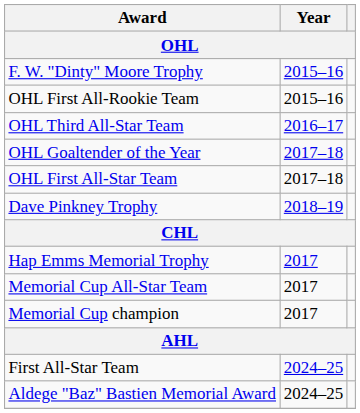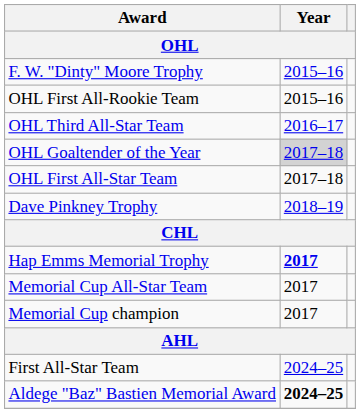 <table class="wikitable">
 <tr>
 <th>Award</th>
 <th>Year</th>
 <th></th>
 </tr>
 <tr>
 <th colspan="3"><a href='#'>OHL</a></th>
 </tr>
 <tr>
 <td><a href='#'>F. W. "Dinty" Moore Trophy</a></td>
 <td><a href='#'>2015–16</a></td>
 <td></td>
 </tr>
 <tr>
 <td>OHL First All-Rookie Team</td>
 <td>2015–16</td>
 <td></td>
 </tr>
 <tr>
 <td><a href='#'>OHL Third All-Star Team</a></td>
 <td><a href='#'>2016–17</a></td>
 <td></td>
 </tr>
 <tr>
 <td><a href='#'>OHL Goaltender of the Year</a></td>
-<td><a href='#'>2017–18</a></td>
+<td style="background: lightgrey;"><a href='#'>2017–18</a></td>
 <td></td>
 </tr>
 <tr>
 <td><a href='#'>OHL First All-Star Team</a></td>
 <td>2017–18</td>
 <td></td>
 </tr>
 <tr>
 <td><a href='#'>Dave Pinkney Trophy</a></td>
 <td><a href='#'>2018–19</a></td>
 <td></td>
 </tr>
 <tr>
 <th colspan="3"><a href='#'>CHL</a></th>
 </tr>
 <tr>
 <td><a href='#'>Hap Emms Memorial Trophy</a></td>
-<td><a href='#'>2017</a></td>
+<td><strong><a href='#'>2017</a></strong></td>
 <td></td>
 </tr>
 <tr>
 <td><a href='#'>Memorial Cup All-Star Team</a></td>
 <td>2017</td>
 <td></td>
 </tr>
 <tr>
 <td><a href='#'>Memorial Cup</a> champion</td>
 <td>2017</td>
 <td></td>
 </tr>
 <tr>
 <th colspan="3"><a href='#'>AHL</a></th>
 </tr>
 <tr>
 <td>First All-Star Team</td>
 <td><a href='#'>2024–25</a></td>
 <td></td>
 </tr>
 <tr>
 <td><a href='#'>Aldege "Baz" Bastien Memorial Award</a></td>
-<td>2024–25</td>
+<td><strong>2024–25</strong></td>
 <td></td>
 </tr>
 <tr>
 </tr>
 </table>
